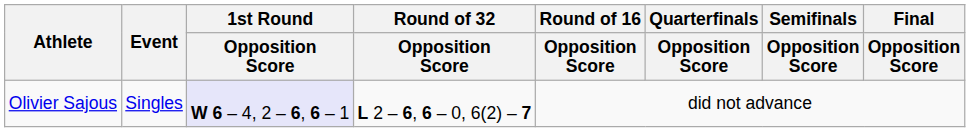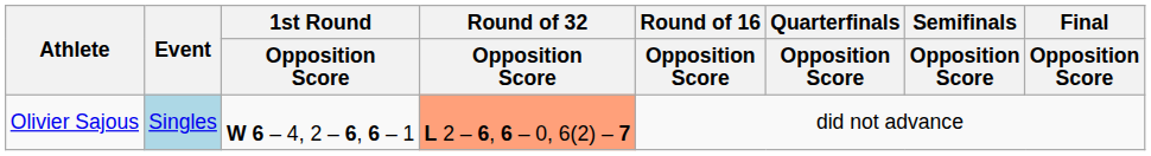 <table class="wikitable" border="1" style="font-size:90%">
 <tr>
 <th rowspan=2>Athlete</th>
 <th rowspan=2>Event</th>
 <th>1st Round</th>
 <th>Round of 32</th>
 <th>Round of 16</th>
 <th>Quarterfinals</th>
 <th>Semifinals</th>
 <th>Final</th>
 </tr>
 <tr>
 <th>Opposition<br>Score</th>
 <th>Opposition<br>Score</th>
 <th>Opposition<br>Score</th>
 <th>Opposition<br>Score</th>
 <th>Opposition<br>Score</th>
 <th>Opposition<br>Score</th>
 </tr>
 <tr>
 <td><a href='#'>Olivier Sajous</a></td>
-<td><a href='#'>Singles</a></td>
-<td align=center style="background: lavender;"><br><strong>W</strong> <strong>6</strong> – 4, 2 – <strong>6</strong>, <strong>6</strong> – 1</td>
-<td align=center><br><strong>L</strong> 2 – <strong>6</strong>, <strong>6</strong> – 0, 6(2) – <strong>7</strong></td>
+<td style="background: lightblue;"><a href='#'>Singles</a></td>
+<td align=center><br><strong>W</strong> <strong>6</strong> – 4, 2 – <strong>6</strong>, <strong>6</strong> – 1</td>
+<td align=center style="background: lightsalmon;"><br><strong>L</strong> 2 – <strong>6</strong>, <strong>6</strong> – 0, 6(2) – <strong>7</strong></td>
 <td align="center" colspan="7">did not advance</td>
 </tr>
 </table>
